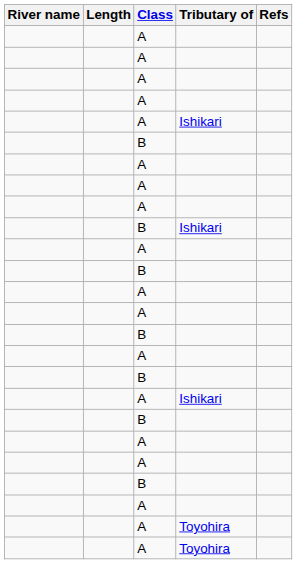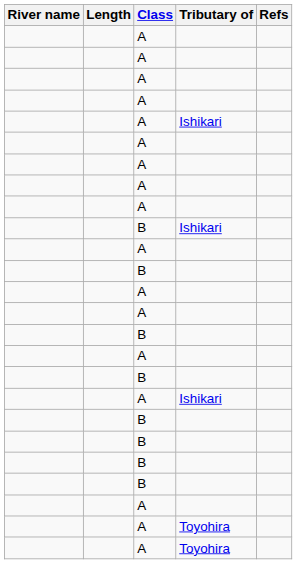 <table class="wikitable sortable static-row-numbers static-row-header-text">
 <tr>
 <th>River name</th>
 <th>Length</th>
 <th><a href='#'>Class</a></th>
 <th>Tributary of</th>
 <th class="unsortable">Refs</th>
 </tr>
 <tr>
 <td></td>
 <td></td>
 <td>A</td>
 <td></td>
 <td></td>
 </tr>
 <tr>
 <td></td>
 <td></td>
 <td>A</td>
 <td></td>
 <td></td>
 </tr>
 <tr>
 <td></td>
 <td></td>
 <td>A</td>
 <td></td>
 <td></td>
 </tr>
 <tr>
 <td></td>
 <td></td>
 <td>A</td>
 <td></td>
 <td></td>
 </tr>
 <tr>
 <td></td>
 <td></td>
 <td>A</td>
 <td><a href='#'>Ishikari</a></td>
 <td></td>
 </tr>
 <tr>
 <td></td>
 <td></td>
-<td>B</td>
+<td>A</td>
 <td></td>
 <td></td>
 </tr>
 <tr>
 <td></td>
 <td></td>
 <td>A</td>
 <td></td>
 <td></td>
 </tr>
 <tr>
 <td></td>
 <td></td>
 <td>A</td>
 <td></td>
 <td></td>
 </tr>
 <tr>
 <td></td>
 <td></td>
 <td>A</td>
 <td></td>
 <td></td>
 </tr>
 <tr>
 <td></td>
 <td></td>
 <td>B</td>
 <td><a href='#'>Ishikari</a></td>
 <td></td>
 </tr>
 <tr>
 <td></td>
 <td></td>
 <td>A</td>
 <td></td>
 <td></td>
 </tr>
 <tr>
 <td></td>
 <td></td>
 <td>B</td>
 <td></td>
 <td></td>
 </tr>
 <tr>
 <td></td>
 <td></td>
 <td>A</td>
 <td></td>
 <td></td>
 </tr>
 <tr>
 <td></td>
 <td></td>
 <td>A</td>
 <td></td>
 <td></td>
 </tr>
 <tr>
 <td></td>
 <td></td>
 <td>B</td>
 <td></td>
 <td></td>
 </tr>
 <tr>
 <td></td>
 <td></td>
 <td>A</td>
 <td></td>
 <td></td>
 </tr>
 <tr>
 <td></td>
 <td></td>
 <td>B</td>
 <td></td>
 <td></td>
 </tr>
 <tr>
 <td></td>
 <td></td>
 <td>A</td>
 <td><a href='#'>Ishikari</a></td>
 <td></td>
 </tr>
 <tr>
 <td></td>
 <td></td>
 <td>B</td>
 <td></td>
 <td></td>
 </tr>
 <tr>
 <td></td>
 <td></td>
-<td>A</td>
+<td>B</td>
 <td></td>
 <td></td>
 </tr>
 <tr>
 <td></td>
 <td></td>
-<td>A</td>
+<td>B</td>
 <td></td>
 <td></td>
 </tr>
 <tr>
 <td></td>
 <td></td>
 <td>B</td>
 <td></td>
 <td></td>
 </tr>
 <tr>
 <td></td>
 <td></td>
 <td>A</td>
 <td></td>
 <td></td>
 </tr>
 <tr>
 <td></td>
 <td></td>
 <td>A</td>
 <td><a href='#'>Toyohira</a></td>
 <td></td>
 </tr>
 <tr>
 <td></td>
 <td></td>
 <td>A</td>
 <td><a href='#'>Toyohira</a></td>
 <td></td>
 </tr>
 </table>
